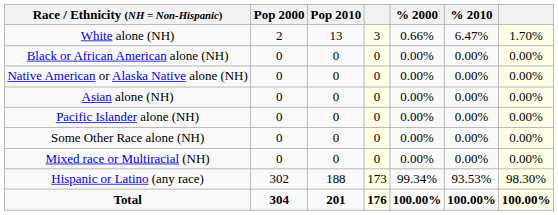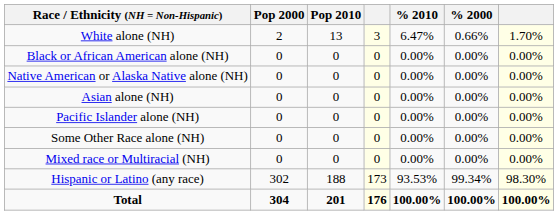 <table class="wikitable" style="text-align:center;">
 <tr>
 <th>Race / Ethnicity <small>(<em>NH = Non-Hispanic</em>)</small></th>
 <th>Pop 2000</th>
 <th>Pop 2010</th>
 <th></th>
+<th>% 2010</th>
 <th>% 2000</th>
-<th>% 2010</th>
 <th></th>
 </tr>
 <tr>
 <td><a href='#'>White</a> alone (NH)</td>
 <td>2</td>
 <td>13</td>
 <td style='background: #ffffe6;'>3</td>
+<td>6.47%</td>
 <td>0.66%</td>
-<td>6.47%</td>
 <td style='background: #ffffe6;'>1.70%</td>
 </tr>
 <tr>
 <td><a href='#'>Black or African American</a> alone (NH)</td>
 <td>0</td>
 <td>0</td>
 <td style='background: #ffffe6;'>0</td>
 <td>0.00%</td>
 <td>0.00%</td>
 <td style='background: #ffffe6;'>0.00%</td>
 </tr>
 <tr>
 <td><a href='#'>Native American</a> or <a href='#'>Alaska Native</a> alone (NH)</td>
 <td>0</td>
 <td>0</td>
 <td style='background: #ffffe6;'>0</td>
 <td>0.00%</td>
 <td>0.00%</td>
 <td style='background: #ffffe6;'>0.00%</td>
 </tr>
 <tr>
 <td><a href='#'>Asian</a> alone (NH)</td>
 <td>0</td>
 <td>0</td>
 <td style='background: #ffffe6;'>0</td>
 <td>0.00%</td>
 <td>0.00%</td>
 <td style='background: #ffffe6;'>0.00%</td>
 </tr>
 <tr>
 <td><a href='#'>Pacific Islander</a> alone (NH)</td>
 <td>0</td>
 <td>0</td>
 <td style='background: #ffffe6;'>0</td>
 <td>0.00%</td>
 <td>0.00%</td>
 <td style='background: #ffffe6;'>0.00%</td>
 </tr>
 <tr>
 <td>Some Other Race alone (NH)</td>
 <td>0</td>
 <td>0</td>
 <td style='background: #ffffe6;'>0</td>
 <td>0.00%</td>
 <td>0.00%</td>
 <td style='background: #ffffe6;'>0.00%</td>
 </tr>
 <tr>
 <td><a href='#'>Mixed race or Multiracial</a> (NH)</td>
 <td>0</td>
 <td>0</td>
 <td style='background: #ffffe6;'>0</td>
 <td>0.00%</td>
 <td>0.00%</td>
 <td style='background: #ffffe6;'>0.00%</td>
 </tr>
 <tr>
 <td><a href='#'>Hispanic or Latino</a> (any race)</td>
 <td>302</td>
 <td>188</td>
 <td style='background: #ffffe6;'>173</td>
+<td>93.53%</td>
 <td>99.34%</td>
-<td>93.53%</td>
 <td style='background: #ffffe6;'>98.30%</td>
 </tr>
 <tr>
 <td><strong>Total</strong></td>
 <td><strong>304</strong></td>
 <td><strong>201</strong></td>
 <td style='background: #ffffe6;'><strong>176</strong></td>
 <td><strong>100.00%</strong></td>
 <td><strong>100.00%</strong></td>
 <td style='background: #ffffe6;'><strong>100.00%</strong></td>
 </tr>
 </table>
